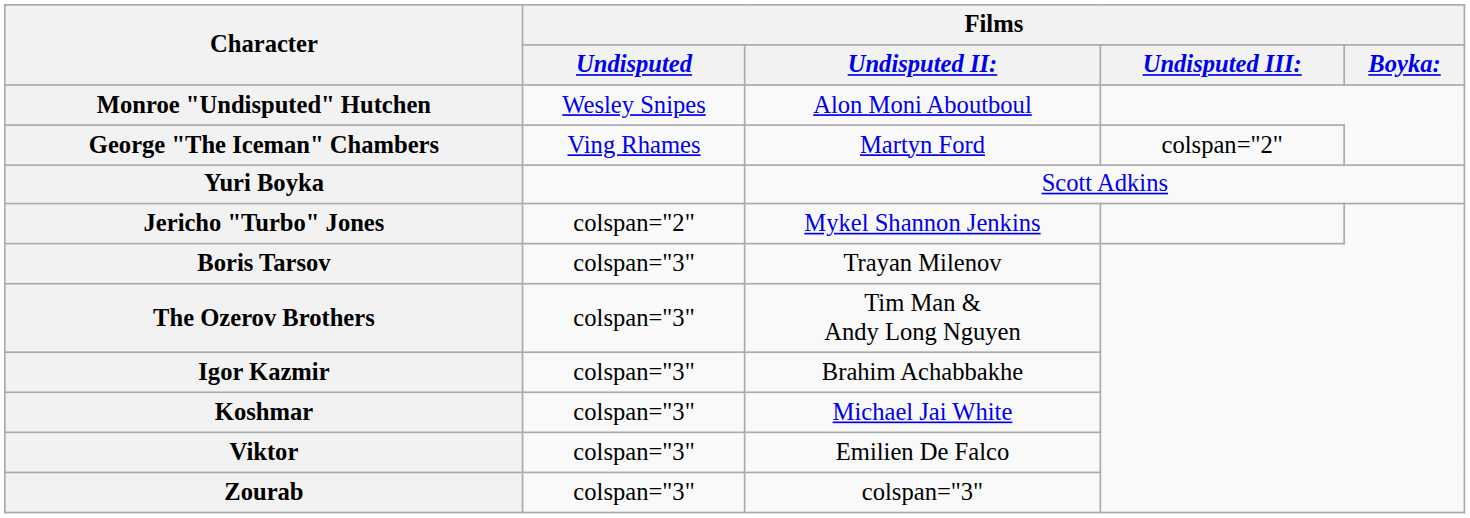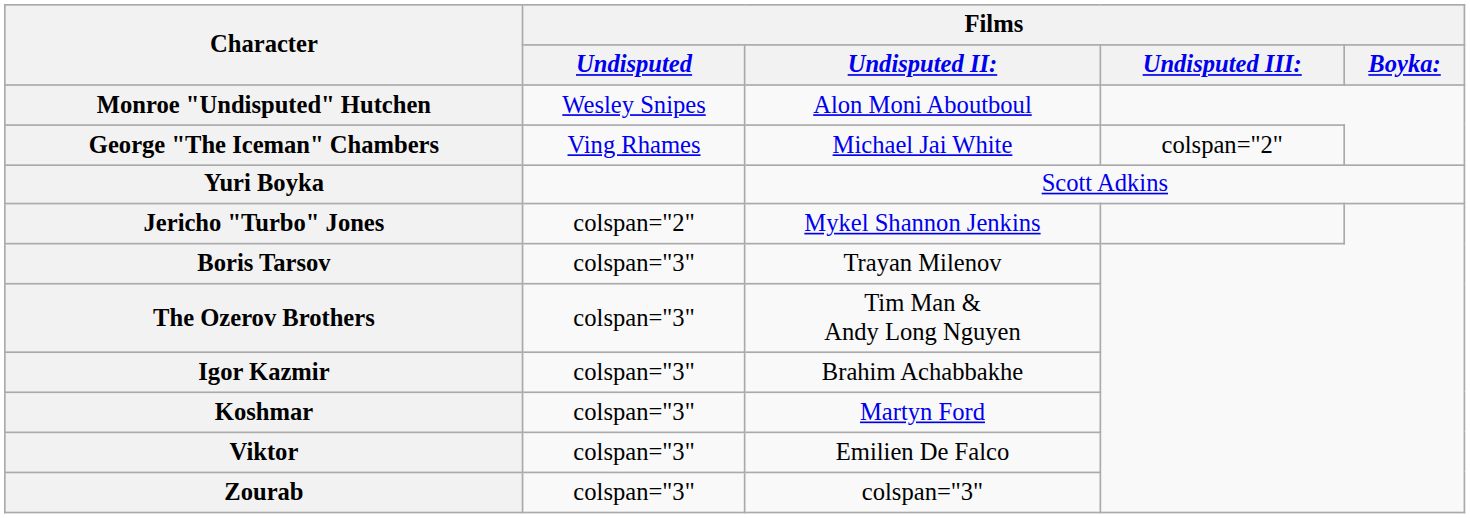 <table class="wikitable" style="text-align:center; width:99%; font-size:92%">
 <tr>
 <th rowspan="2">Character</th>
 <th colspan="5" align="center">Films</th>
 </tr>
 <tr>
 <th align="center"><em><a href='#'>Undisputed</a></em></th>
 <th align="center"><em><a href='#'>Undisputed II: <br></a></em></th>
 <th align="center"><em><a href='#'>Undisputed III: <br></a></em></th>
 <th align="center"><em><a href='#'>Boyka: <br></a></em></th>
 </tr>
 <tr>
 <th>Monroe "Undisputed" Hutchen</th>
 <td><a href='#'>Wesley Snipes</a></td>
 <td><a href='#'>Alon Moni Aboutboul</a></td>
 </tr>
 <tr>
 <th>George "The Iceman" Chambers</th>
 <td><a href='#'>Ving Rhames</a></td>
-<td><a href='#'>Martyn Ford</a></td>
+<td><a href='#'>Michael Jai White</a></td>
 <td>colspan="2" </td>
 </tr>
 <tr>
 <th>Yuri Boyka <br></th>
 <td></td>
 <td colspan="3"><a href='#'>Scott Adkins</a></td>
 </tr>
 <tr>
 <th>Jericho "Turbo" Jones</th>
 <td>colspan="2" </td>
 <td><a href='#'>Mykel Shannon Jenkins</a></td>
 <td></td>
 </tr>
 <tr>
 <th>Boris Tarsov</th>
 <td>colspan="3" </td>
 <td>Trayan Milenov</td>
 </tr>
 <tr>
 <th>The Ozerov Brothers</th>
 <td>colspan="3" </td>
 <td>Tim Man & <br>Andy Long Nguyen</td>
 </tr>
 <tr>
 <th>Igor Kazmir</th>
 <td>colspan="3" </td>
 <td>Brahim Achabbakhe</td>
 </tr>
 <tr>
 <th>Koshmar</th>
 <td>colspan="3" </td>
-<td><a href='#'>Michael Jai White</a></td>
+<td><a href='#'>Martyn Ford</a></td>
 </tr>
 <tr>
 <th>Viktor</th>
 <td>colspan="3" </td>
 <td>Emilien De Falco</td>
 </tr>
 <tr>
 <th>Zourab</th>
 <td>colspan="3" </td>
 <td>colspan="3" </td>
 </tr>
 </table>
